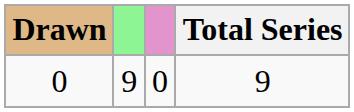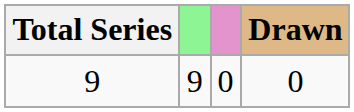 <table class="wikitable">
 <tr>
-<th style="background:#deb887">Drawn</th>
+<th>Total Series</th>
 <th style="background:#8ef595"></th>
 <th style="background:#E494CC"></th>
-<th>Total Series</th>
+<th style="background:#deb887">Drawn</th>
 </tr>
 <tr>
-<td align="center">0</td>
+<td align="center">9</td>
 <td align="center">9</td>
 <td align="center">0</td>
-<td align="center">9</td>
+<td align="center">0</td>
 </tr>
 </table>
